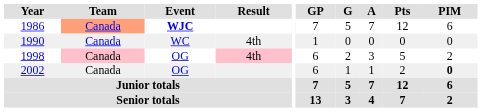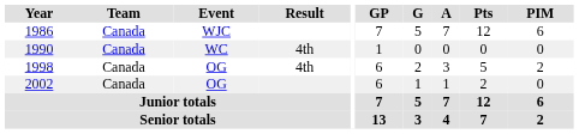 <table border="0" cellpadding="1" cellspacing="0" ID="Table3" style="text-align:center; width:40em">
 <tr ALIGN="center" bgcolor="#e0e0e0">
 <th>Year</th>
 <th>Team</th>
 <th>Event</th>
 <th>Result</th>
 <th rowspan="99" bgcolor="#ffffff"></th>
 <th>GP</th>
 <th>G</th>
 <th>A</th>
 <th>Pts</th>
 <th>PIM</th>
 </tr>
 <tr>
 <td><a href='#'>1986</a></td>
-<td style="background: lightsalmon;"><a href='#'>Canada</a></td>
-<td><strong><a href='#'>WJC</a></strong></td>
+<td><a href='#'>Canada</a></td>
+<td><a href='#'>WJC</a></td>
 <td></td>
 <td>7</td>
 <td>5</td>
 <td>7</td>
 <td>12</td>
 <td>6</td>
 </tr>
 <tr style="background:#f0f0f0;">
 <td><a href='#'>1990</a></td>
 <td><a href='#'>Canada</a></td>
 <td><a href='#'>WC</a></td>
 <td>4th</td>
 <td>1</td>
 <td>0</td>
 <td>0</td>
 <td>0</td>
 <td>0</td>
 </tr>
 <tr>
 <td><a href='#'>1998</a></td>
-<td style="background: pink;">Canada</td>
+<td>Canada</td>
 <td><a href='#'>OG</a></td>
-<td style="background: pink;">4th</td>
+<td>4th</td>
 <td>6</td>
 <td>2</td>
 <td>3</td>
 <td>5</td>
 <td>2</td>
 </tr>
 <tr style="background:#f0f0f0;">
 <td><a href='#'>2002</a></td>
 <td>Canada</td>
 <td><a href='#'>OG</a></td>
 <td></td>
 <td>6</td>
 <td>1</td>
 <td>1</td>
 <td>2</td>
-<td><strong>0</strong></td>
+<td>0</td>
 </tr>
 <tr style="background:#e0e0e0;">
 <th colspan=4>Junior totals</th>
 <th>7</th>
 <th>5</th>
 <th>7</th>
 <th>12</th>
 <th>6</th>
 </tr>
 <tr style="background:#e0e0e0;">
 <th colspan=4>Senior totals</th>
 <th>13</th>
 <th>3</th>
 <th>4</th>
 <th>7</th>
 <th>2</th>
 </tr>
 </table>
